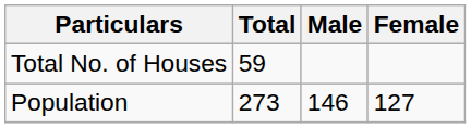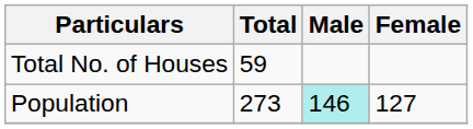 <table class="wikitable sortable">
 <tr>
 <th>Particulars</th>
 <th>Total</th>
 <th>Male</th>
 <th>Female</th>
 </tr>
 <tr>
 <td>Total No. of Houses</td>
 <td>59</td>
 <td></td>
 <td></td>
 </tr>
 <tr>
 <td>Population</td>
 <td>273</td>
-<td>146</td>
+<td style="background: paleturquoise;">146</td>
 <td>127</td>
 </tr>
 <tr>
 </tr>
 </table>
